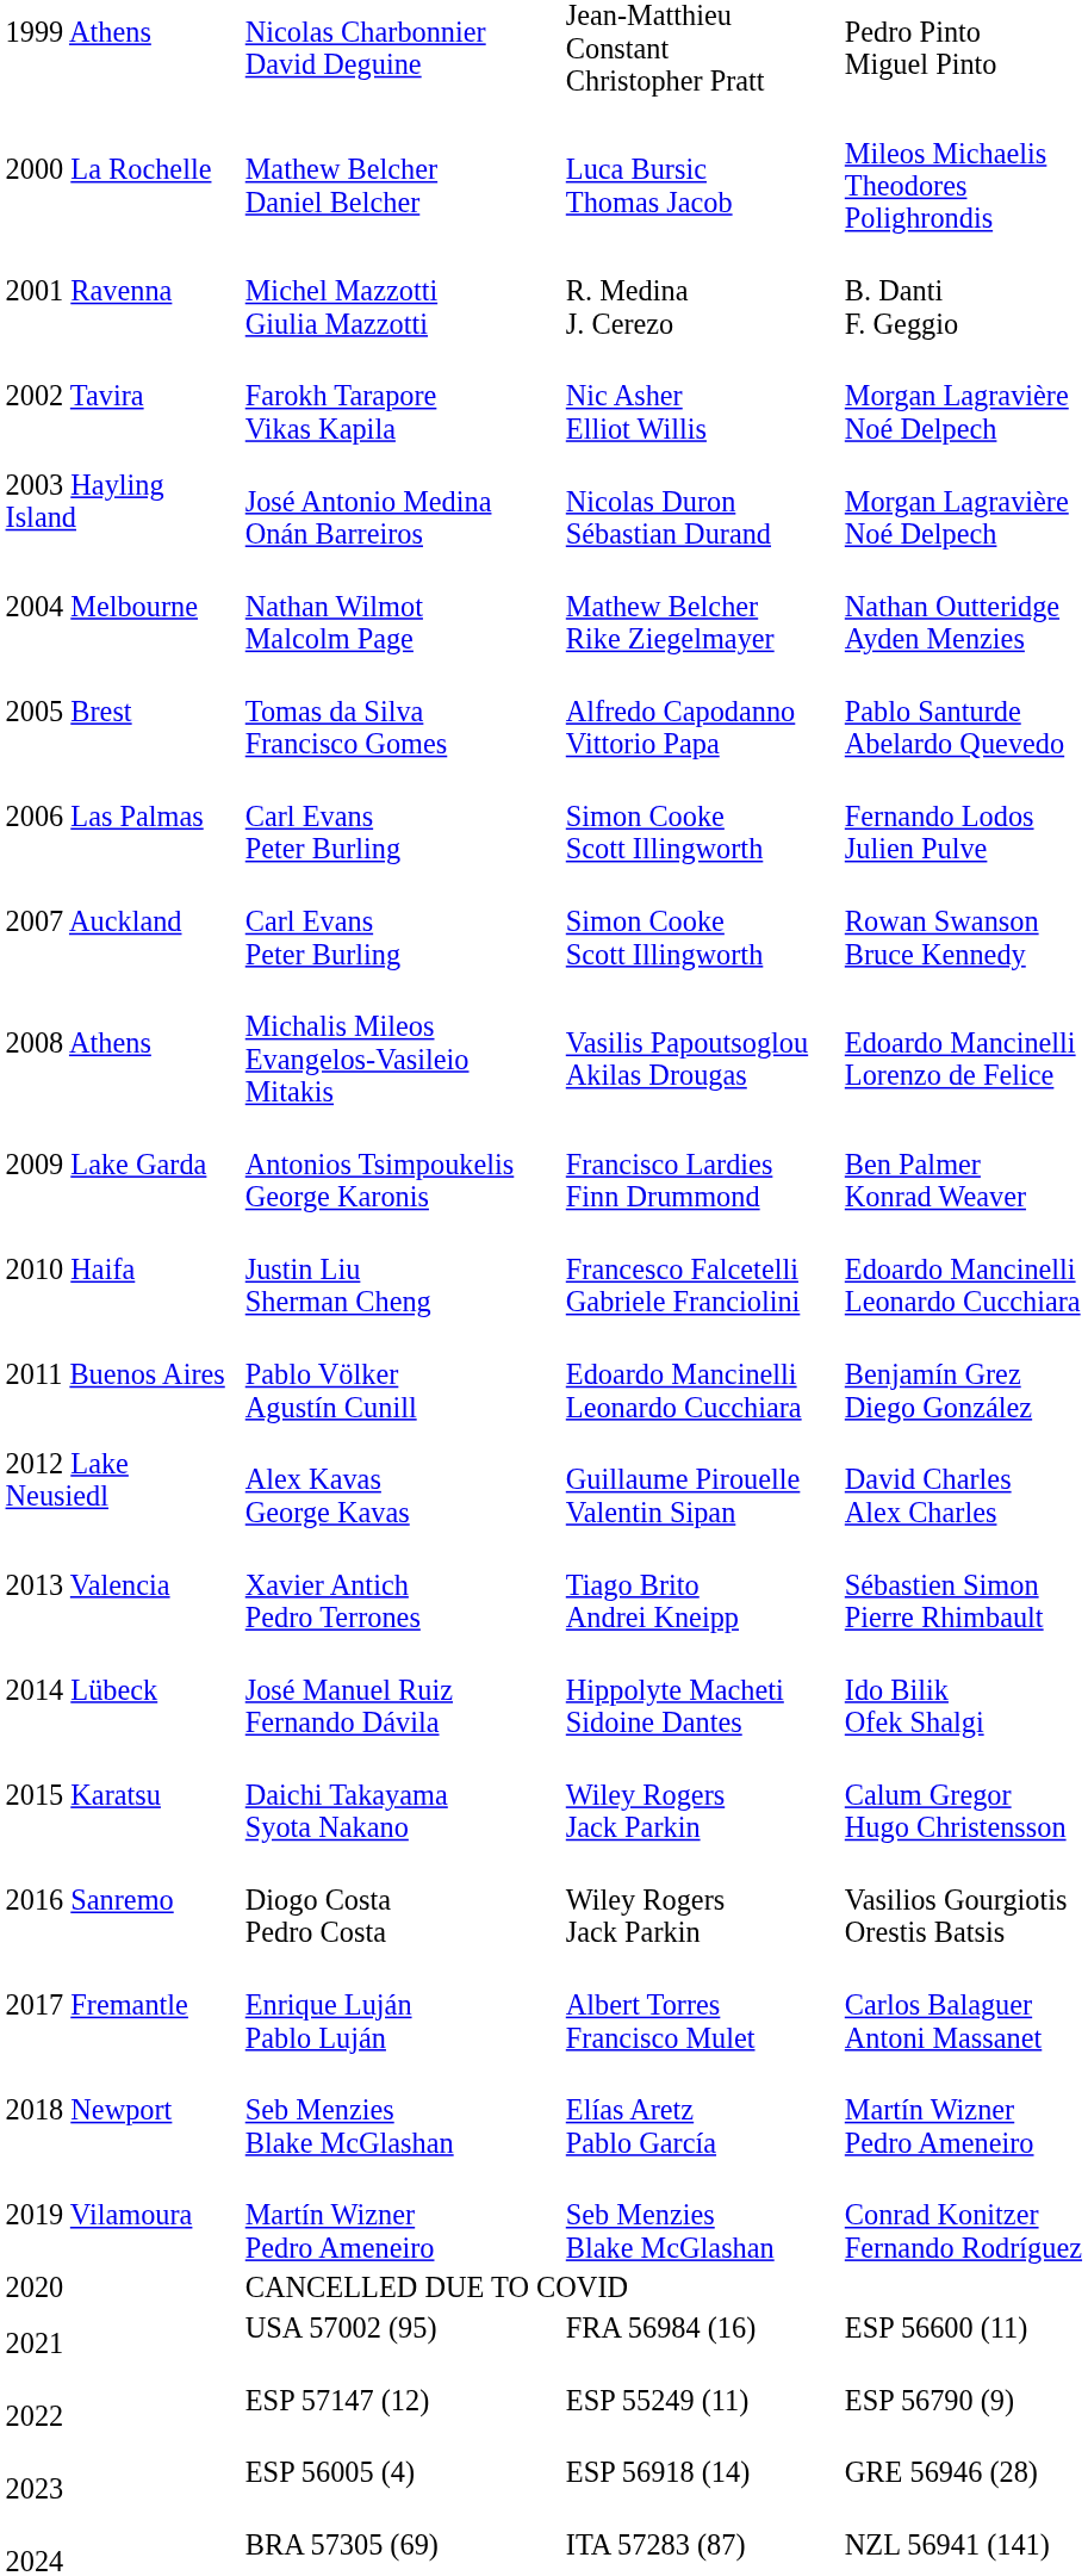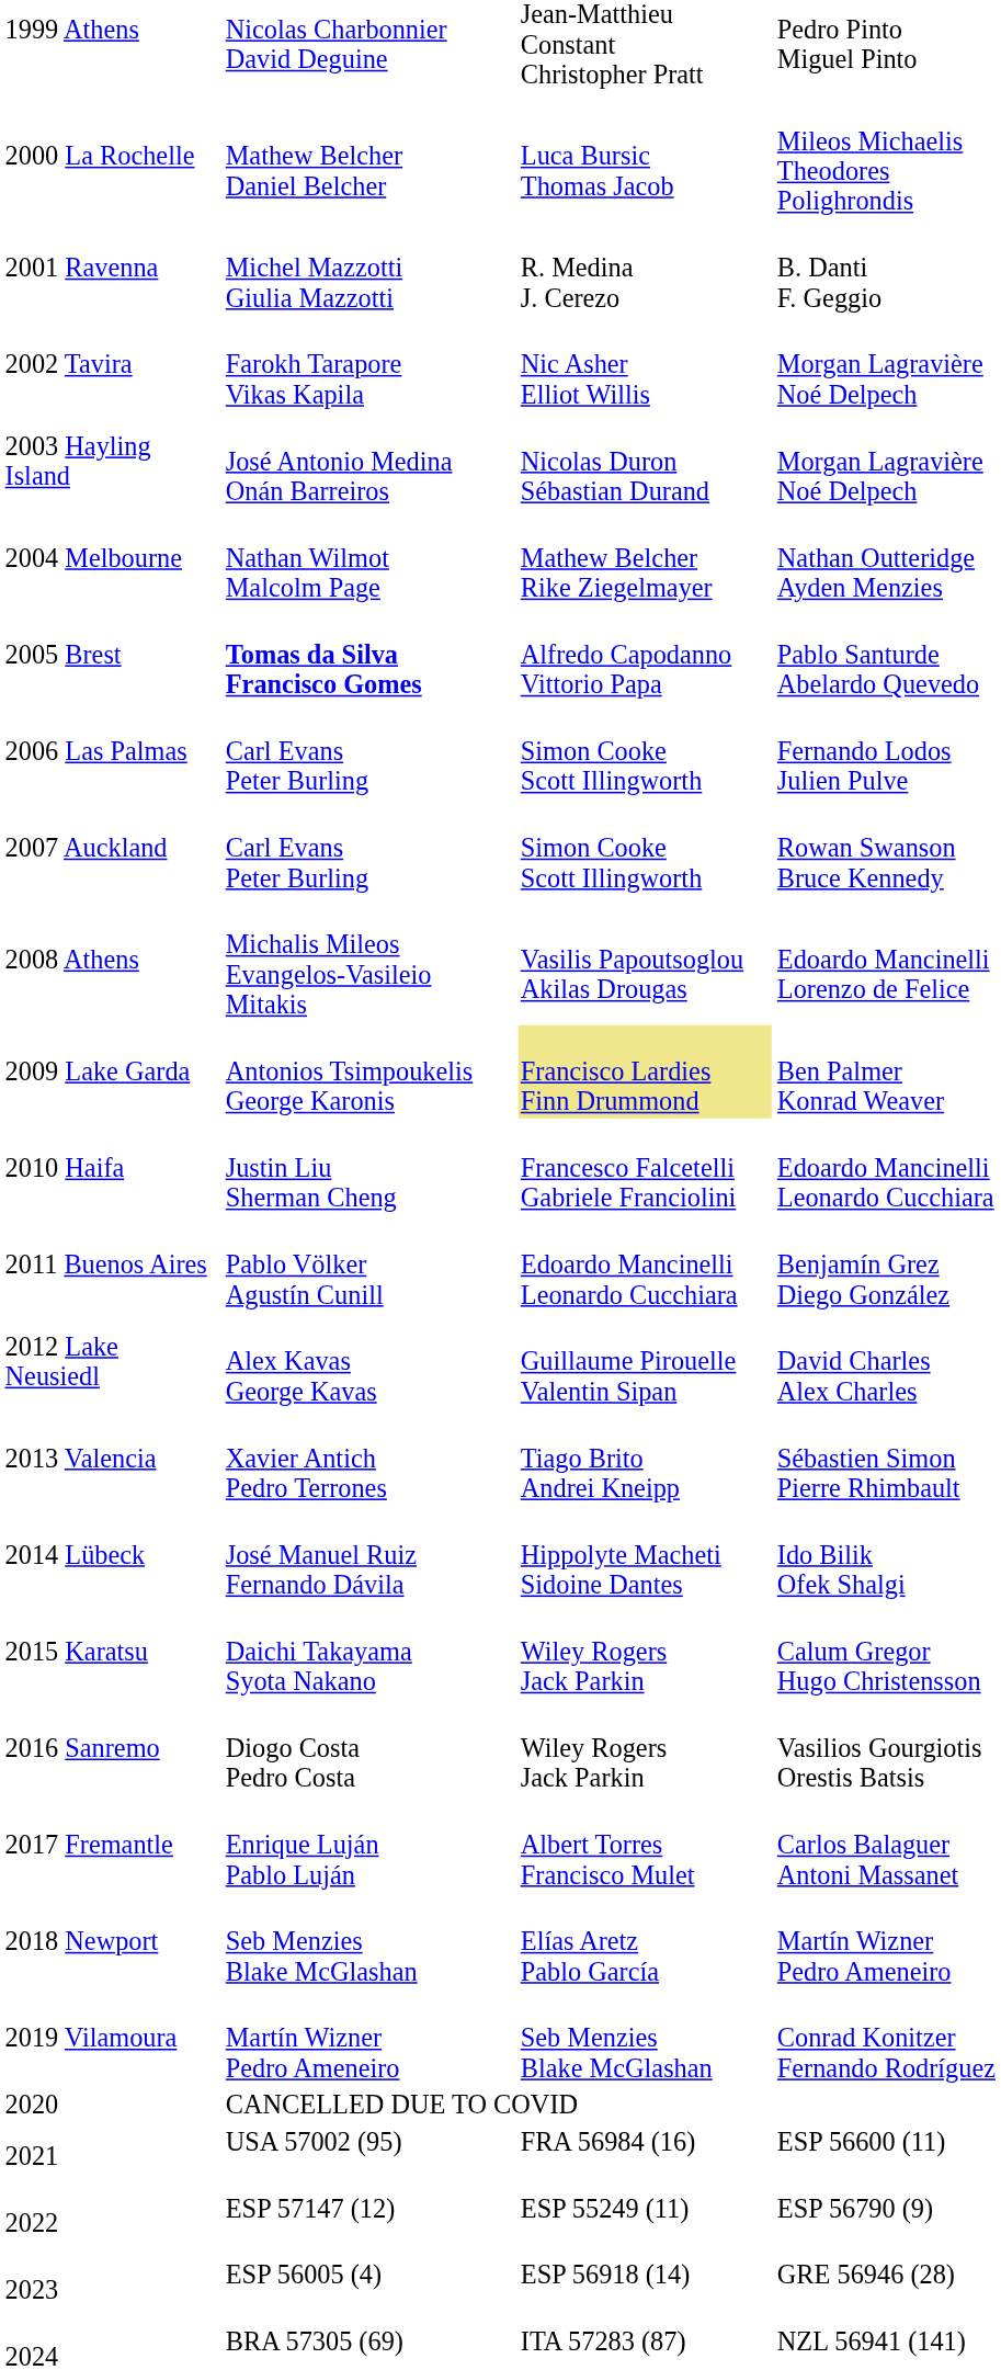 <table>
 <tr>
 <td>1999 <a href='#'>Athens</a></td>
 <td><br><a href='#'>Nicolas Charbonnier</a><br><a href='#'>David Deguine</a></td>
 <td><br>Jean-Matthieu Constant<br>Christopher Pratt</td>
 <td><br>Pedro Pinto<br>Miguel Pinto</td>
 </tr>
 <tr>
 <td>2000 <a href='#'>La Rochelle</a></td>
 <td><br><a href='#'>Mathew Belcher</a><br><a href='#'>Daniel Belcher</a></td>
 <td><br><a href='#'>Luca Bursic</a><br><a href='#'>Thomas Jacob</a></td>
 <td><br><a href='#'>Mileos Michaelis</a><br><a href='#'>Theodores Polighrondis</a></td>
 </tr>
 <tr>
 <td>2001 <a href='#'>Ravenna</a></td>
 <td><br><a href='#'>Michel Mazzotti</a><br><a href='#'>Giulia Mazzotti</a></td>
 <td><br>R. Medina<br>J. Cerezo</td>
 <td><br>B. Danti<br>F. Geggio</td>
 </tr>
 <tr>
 <td>2002 <a href='#'>Tavira</a></td>
 <td><br><a href='#'>Farokh Tarapore</a><br><a href='#'>Vikas Kapila</a></td>
 <td><br><a href='#'>Nic Asher</a><br><a href='#'>Elliot Willis</a></td>
 <td><br><a href='#'>Morgan Lagravière</a><br><a href='#'>Noé Delpech</a></td>
 </tr>
 <tr>
 <td>2003 <a href='#'>Hayling Island</a></td>
 <td><br><a href='#'>José Antonio Medina</a><br><a href='#'>Onán Barreiros</a></td>
 <td><br><a href='#'>Nicolas Duron</a><br><a href='#'>Sébastian Durand</a></td>
 <td><br><a href='#'>Morgan Lagravière</a><br><a href='#'>Noé Delpech</a></td>
 </tr>
 <tr>
 <td>2004 <a href='#'>Melbourne</a></td>
 <td><br><a href='#'>Nathan Wilmot</a><br><a href='#'>Malcolm Page</a></td>
 <td><br><a href='#'>Mathew Belcher</a><br><a href='#'>Rike Ziegelmayer</a></td>
 <td><br><a href='#'>Nathan Outteridge</a><br><a href='#'>Ayden Menzies</a></td>
 </tr>
 <tr>
 <td>2005 <a href='#'>Brest</a></td>
-<td><br><a href='#'>Tomas da Silva</a><br><a href='#'>Francisco Gomes</a></td>
+<td><strong><br><a href='#'>Tomas da Silva</a><br><a href='#'>Francisco Gomes</a></strong></td>
 <td><br><a href='#'>Alfredo Capodanno</a><br><a href='#'>Vittorio Papa</a></td>
 <td><br><a href='#'>Pablo Santurde</a><br><a href='#'>Abelardo Quevedo</a></td>
 </tr>
 <tr>
 <td>2006 <a href='#'>Las Palmas</a></td>
 <td><br><a href='#'>Carl Evans</a><br><a href='#'>Peter Burling</a></td>
 <td><br><a href='#'>Simon Cooke</a><br><a href='#'>Scott Illingworth</a></td>
 <td><br><a href='#'>Fernando Lodos</a><br><a href='#'>Julien Pulve</a></td>
 </tr>
 <tr>
 <td>2007 <a href='#'>Auckland</a></td>
 <td><br><a href='#'>Carl Evans</a><br><a href='#'>Peter Burling</a></td>
 <td><br><a href='#'>Simon Cooke</a><br><a href='#'>Scott Illingworth</a></td>
 <td><br><a href='#'>Rowan Swanson</a><br><a href='#'>Bruce Kennedy</a></td>
 </tr>
 <tr>
 <td>2008 <a href='#'>Athens</a></td>
 <td><br><a href='#'>Michalis Mileos</a><br><a href='#'>Evangelos-Vasileio Mitakis</a></td>
 <td><br><a href='#'>Vasilis Papoutsoglou</a><br><a href='#'>Akilas Drougas</a></td>
 <td><br><a href='#'>Edoardo Mancinelli</a><br><a href='#'>Lorenzo de Felice</a></td>
 </tr>
 <tr>
 <td>2009 <a href='#'>Lake Garda</a></td>
 <td><br><a href='#'>Antonios Tsimpoukelis</a><br><a href='#'>George Karonis</a></td>
-<td><br><a href='#'>Francisco Lardies</a><br><a href='#'>Finn Drummond</a></td>
+<td style="background: khaki;"><br><a href='#'>Francisco Lardies</a><br><a href='#'>Finn Drummond</a></td>
 <td><br><a href='#'>Ben Palmer</a><br><a href='#'>Konrad Weaver</a></td>
 </tr>
 <tr>
 <td>2010 <a href='#'>Haifa</a></td>
 <td><br><a href='#'>Justin Liu</a><br><a href='#'>Sherman Cheng</a></td>
 <td><br><a href='#'>Francesco Falcetelli</a><br><a href='#'>Gabriele Franciolini</a></td>
 <td><br><a href='#'>Edoardo Mancinelli</a><br><a href='#'>Leonardo Cucchiara</a></td>
 </tr>
 <tr>
 <td>2011 <a href='#'>Buenos Aires</a><br></td>
 <td><br><a href='#'>Pablo Völker</a><br><a href='#'>Agustín Cunill</a></td>
 <td><br><a href='#'>Edoardo Mancinelli</a><br><a href='#'>Leonardo Cucchiara</a></td>
 <td><br><a href='#'>Benjamín Grez</a><br><a href='#'>Diego González</a></td>
 </tr>
 <tr>
 <td>2012 <a href='#'>Lake Neusiedl</a></td>
 <td><br><a href='#'>Alex Kavas</a><br><a href='#'>George Kavas</a></td>
 <td><br><a href='#'>Guillaume Pirouelle</a><br><a href='#'>Valentin Sipan</a></td>
 <td><br><a href='#'>David Charles</a><br><a href='#'>Alex Charles</a></td>
 </tr>
 <tr>
 <td>2013 <a href='#'>Valencia</a></td>
 <td><br><a href='#'>Xavier Antich</a><br><a href='#'>Pedro Terrones</a></td>
 <td><br><a href='#'>Tiago Brito</a><br><a href='#'>Andrei Kneipp</a></td>
 <td><br><a href='#'>Sébastien Simon</a><br><a href='#'>Pierre Rhimbault</a></td>
 </tr>
 <tr>
 <td>2014 <a href='#'>Lübeck</a></td>
 <td><br><a href='#'>José Manuel Ruiz</a><br><a href='#'>Fernando Dávila</a></td>
 <td><br><a href='#'>Hippolyte Macheti</a><br><a href='#'>Sidoine Dantes</a></td>
 <td><br><a href='#'>Ido Bilik</a><br><a href='#'>Ofek Shalgi</a></td>
 </tr>
 <tr>
 <td>2015 <a href='#'>Karatsu</a></td>
 <td><br><a href='#'>Daichi Takayama</a><br><a href='#'>Syota Nakano</a></td>
 <td><br><a href='#'>Wiley Rogers</a><br><a href='#'>Jack Parkin</a></td>
 <td><br><a href='#'>Calum Gregor</a><br><a href='#'>Hugo Christensson</a></td>
 </tr>
 <tr>
 <td>2016 <a href='#'>Sanremo</a></td>
 <td><br>Diogo Costa<br>Pedro Costa</td>
 <td><br>Wiley Rogers<br>Jack Parkin</td>
 <td><br>Vasilios Gourgiotis<br>Orestis Batsis</td>
 <td></td>
 </tr>
 <tr>
 <td>2017 <a href='#'>Fremantle</a></td>
 <td><br><a href='#'>Enrique Luján</a><br><a href='#'>Pablo Luján</a></td>
 <td><br><a href='#'>Albert Torres</a><br><a href='#'>Francisco Mulet</a></td>
 <td><br><a href='#'>Carlos Balaguer</a><br><a href='#'>Antoni Massanet</a></td>
 <td></td>
 </tr>
 <tr>
 <td>2018 <a href='#'>Newport</a></td>
 <td><br><a href='#'>Seb Menzies</a><br><a href='#'>Blake McGlashan</a></td>
 <td><br><a href='#'>Elías Aretz</a><br><a href='#'>Pablo García</a></td>
 <td><br><a href='#'>Martín Wizner</a><br><a href='#'>Pedro Ameneiro</a></td>
 <td></td>
 </tr>
 <tr>
 <td>2019 <a href='#'>Vilamoura</a></td>
 <td><br><a href='#'>Martín Wizner</a><br><a href='#'>Pedro Ameneiro</a></td>
 <td><br><a href='#'>Seb Menzies</a><br><a href='#'>Blake McGlashan</a></td>
 <td><br><a href='#'>Conrad Konitzer</a><br><a href='#'>Fernando Rodríguez</a></td>
 <td></td>
 </tr>
 <tr>
 <td>2020</td>
 <td colspan=3>CANCELLED DUE TO COVID</td>
 <td></td>
 </tr>
 <tr>
 <td>2021</td>
 <td>USA 57002 (95)<br><br></td>
 <td>FRA 56984 (16)<br><br></td>
 <td>ESP 56600 (11)<br><br></td>
 <td></td>
 </tr>
 <tr>
 <td>2022</td>
 <td>ESP 57147 (12)<br><br></td>
 <td>ESP 55249 (11)<br><br></td>
 <td>ESP 56790 (9)<br><br></td>
 <td></td>
 </tr>
 <tr>
 <td>2023</td>
 <td>ESP 56005 (4)<br><br></td>
 <td>ESP 56918 (14)<br><br></td>
 <td>GRE 56946 (28)<br><br></td>
 <td></td>
 </tr>
 <tr>
 <td>2024</td>
 <td>BRA 57305 (69)<br><br></td>
 <td>ITA 57283 (87)<br><br></td>
 <td>NZL 56941 (141)<br><br></td>
 <td></td>
 </tr>
 </table>
